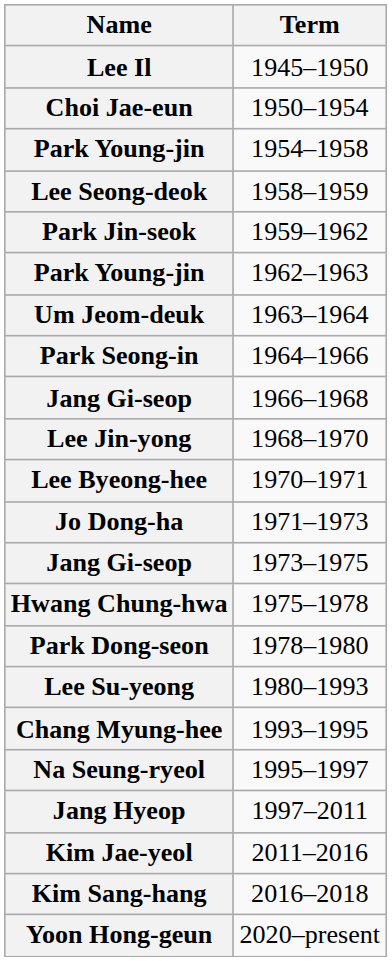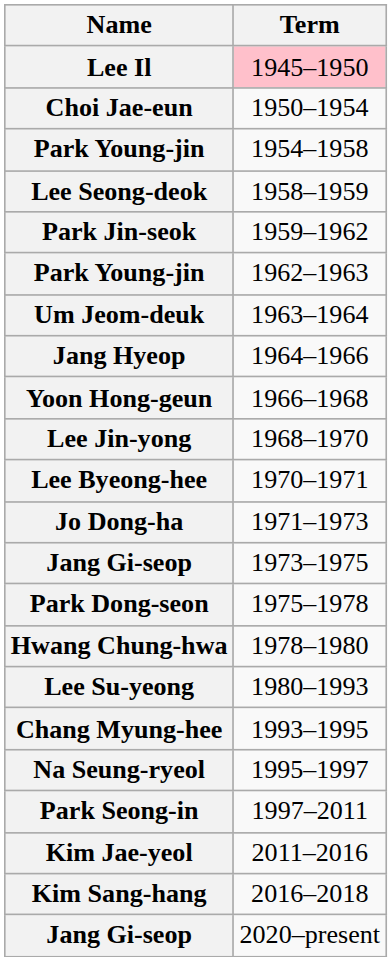 <table class="wikitable plainrowheaders" style="text-align:center">
 <tr>
 <th scope="col">Name</th>
 <th scope="col">Term</th>
 </tr>
 <tr>
 <th scope="row">Lee Il</th>
-<td>1945–1950</td>
+<td style="background: pink;">1945–1950</td>
 </tr>
 <tr>
 <th scope="row">Choi Jae-eun</th>
 <td>1950–1954</td>
 </tr>
 <tr>
 <th scope="row">Park Young-jin</th>
 <td>1954–1958</td>
 </tr>
 <tr>
 <th scope="row">Lee Seong-deok</th>
 <td>1958–1959</td>
 </tr>
 <tr>
 <th scope="row">Park Jin-seok</th>
 <td>1959–1962</td>
 </tr>
 <tr>
 <th scope="row">Park Young-jin</th>
 <td>1962–1963</td>
 </tr>
 <tr>
 <th scope="row">Um Jeom-deuk</th>
 <td>1963–1964</td>
 </tr>
 <tr>
-<th scope="row">Park Seong-in</th>
+<th scope="row">Jang Hyeop</th>
 <td>1964–1966</td>
 </tr>
 <tr>
-<th scope="row">Jang Gi-seop</th>
+<th scope="row">Yoon Hong-geun</th>
 <td>1966–1968</td>
 </tr>
 <tr>
 <th scope="row">Lee Jin-yong</th>
 <td>1968–1970</td>
 </tr>
 <tr>
 <th scope="row">Lee Byeong-hee</th>
 <td>1970–1971</td>
 </tr>
 <tr>
 <th scope="row">Jo Dong-ha</th>
 <td>1971–1973</td>
 </tr>
 <tr>
 <th scope="row">Jang Gi-seop</th>
 <td>1973–1975</td>
 </tr>
 <tr>
-<th scope="row">Hwang Chung-hwa</th>
+<th scope="row">Park Dong-seon</th>
 <td>1975–1978</td>
 </tr>
 <tr>
-<th scope="row">Park Dong-seon</th>
+<th scope="row">Hwang Chung-hwa</th>
 <td>1978–1980</td>
 </tr>
 <tr>
 <th scope="row">Lee Su-yeong</th>
 <td>1980–1993</td>
 </tr>
 <tr>
 <th scope="row">Chang Myung-hee</th>
 <td>1993–1995</td>
 </tr>
 <tr>
 <th scope="row">Na Seung-ryeol</th>
 <td>1995–1997</td>
 </tr>
 <tr>
-<th scope="row">Jang Hyeop</th>
+<th scope="row">Park Seong-in</th>
 <td>1997–2011</td>
 </tr>
 <tr>
 <th scope="row">Kim Jae-yeol</th>
 <td>2011–2016</td>
 </tr>
 <tr>
 <th scope="row">Kim Sang-hang</th>
 <td>2016–2018</td>
 </tr>
 <tr>
-<th scope="row">Yoon Hong-geun</th>
+<th scope="row">Jang Gi-seop</th>
 <td>2020–present</td>
 </tr>
 </table>
